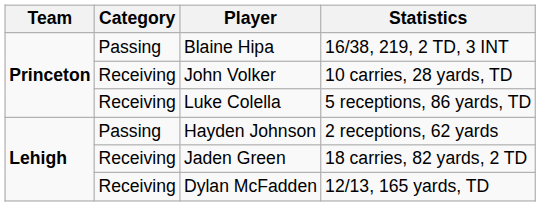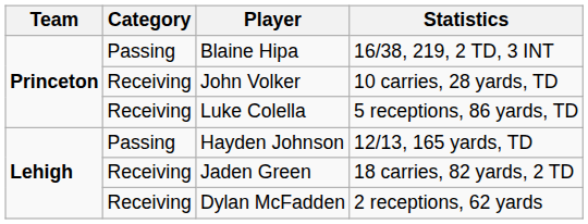 <table class="wikitable" style="float: right;">
 <tr>
 <th>Team</th>
 <th>Category</th>
 <th>Player</th>
 <th>Statistics</th>
 </tr>
 <tr>
 <td rowspan=3><strong>Princeton</strong></td>
 <td>Passing</td>
 <td>Blaine Hipa</td>
 <td>16/38, 219, 2 TD, 3 INT</td>
 </tr>
 <tr>
 <td>Receiving</td>
 <td>John Volker</td>
 <td>10 carries, 28 yards,  TD</td>
 </tr>
 <tr>
 <td>Receiving</td>
 <td>Luke Colella</td>
 <td>5 receptions, 86 yards, TD</td>
 </tr>
 <tr>
 <td rowspan=3><strong>Lehigh</strong></td>
 <td>Passing</td>
 <td>Hayden Johnson</td>
-<td>2 receptions, 62 yards</td>
+<td>12/13, 165 yards, TD</td>
 </tr>
 <tr>
 <td>Receiving</td>
 <td>Jaden Green</td>
 <td>18 carries, 82 yards, 2 TD</td>
 </tr>
 <tr>
 <td>Receiving</td>
 <td>Dylan McFadden</td>
-<td>12/13, 165 yards, TD</td>
+<td>2 receptions, 62 yards</td>
 </tr>
 </table>
